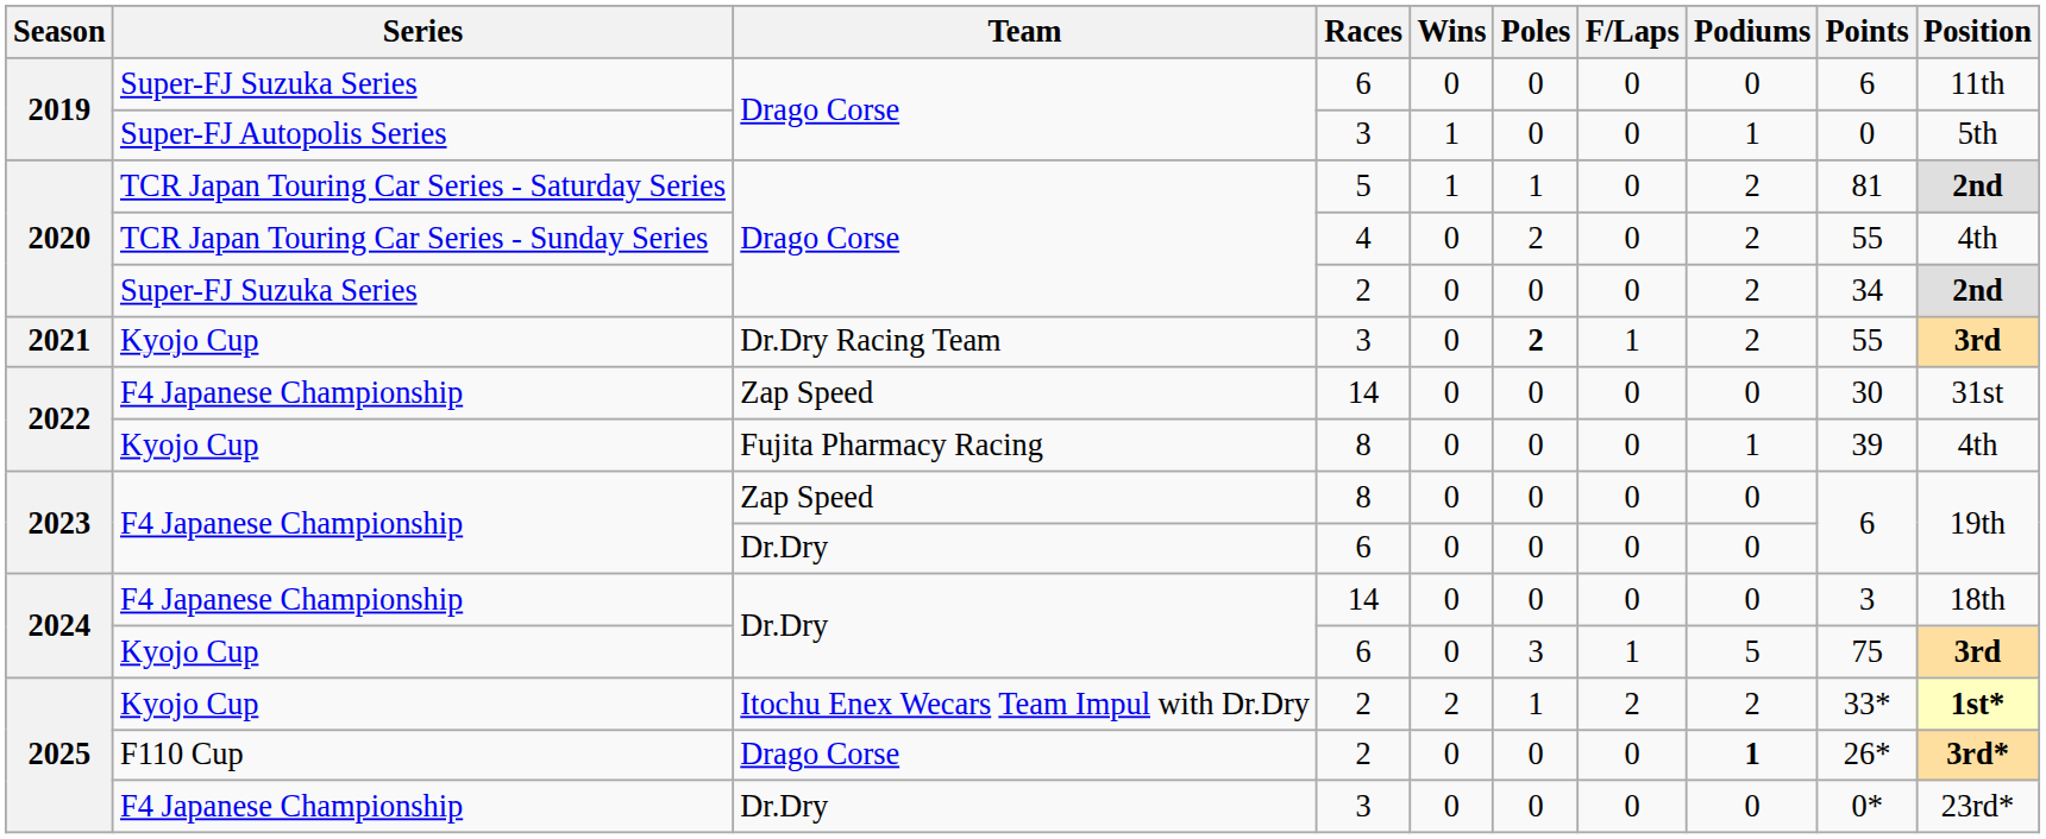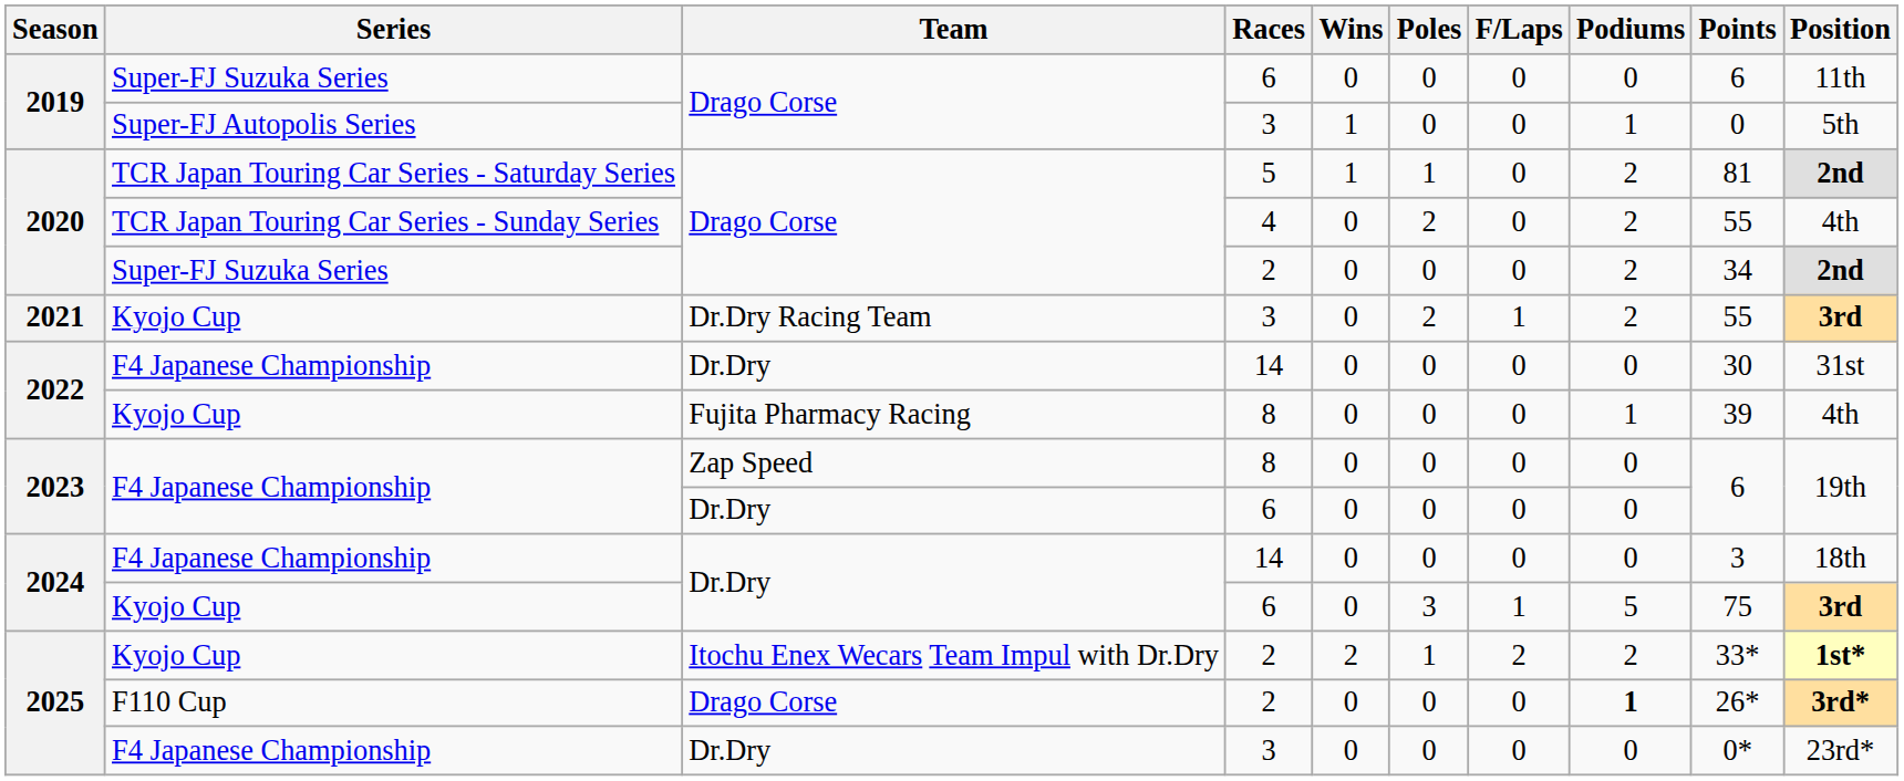 <table class="wikitable" style="font-size: 90%; text-align:center">
 <tr>
 <th>Season</th>
 <th>Series</th>
 <th>Team</th>
 <th>Races</th>
 <th>Wins</th>
 <th>Poles</th>
 <th>F/Laps</th>
 <th>Podiums</th>
 <th>Points</th>
 <th>Position</th>
 </tr>
 <tr>
 <th rowspan="2">2019</th>
 <td align=left><a href='#'>Super-FJ Suzuka Series</a></td>
 <td rowspan="2" align="left"><a href='#'>Drago Corse</a></td>
 <td>6</td>
 <td>0</td>
 <td>0</td>
 <td>0</td>
 <td>0</td>
 <td>6</td>
 <td>11th</td>
 </tr>
 <tr>
 <td align=left><a href='#'>Super-FJ Autopolis Series</a></td>
 <td>3</td>
 <td>1</td>
 <td>0</td>
 <td>0</td>
 <td>1</td>
 <td>0</td>
 <td>5th</td>
 </tr>
 <tr>
 <th rowspan="3">2020</th>
 <td align=left nowrap><a href='#'>TCR Japan Touring Car Series - Saturday Series</a></td>
 <td rowspan="3" align=left><a href='#'>Drago Corse</a></td>
 <td>5</td>
 <td>1</td>
 <td>1</td>
 <td>0</td>
 <td>2</td>
 <td>81</td>
 <td style="background:#DFDFDF"><strong>2nd</strong></td>
 </tr>
 <tr>
 <td align=left><a href='#'>TCR Japan Touring Car Series - Sunday Series</a></td>
 <td>4</td>
 <td>0</td>
 <td>2</td>
 <td>0</td>
 <td>2</td>
 <td>55</td>
 <td>4th</td>
 </tr>
 <tr>
 <td align=left><a href='#'>Super-FJ Suzuka Series</a></td>
 <td>2</td>
 <td>0</td>
 <td>0</td>
 <td>0</td>
 <td>2</td>
 <td>34</td>
 <td style="background:#DFDFDF"><strong>2nd</strong></td>
 </tr>
 <tr>
 <th>2021</th>
 <td align=left><a href='#'>Kyojo Cup</a></td>
 <td align=left>Dr.Dry Racing Team</td>
 <td>3</td>
 <td>0</td>
-<td><strong>2</strong></td>
+<td>2</td>
 <td>1</td>
 <td>2</td>
 <td>55</td>
 <td style="background:#ffdf9f"><strong>3rd</strong></td>
 </tr>
 <tr>
 <th rowspan="2">2022</th>
 <td align=left><a href='#'>F4 Japanese Championship</a></td>
-<td align=left>Zap Speed</td>
+<td align=left>Dr.Dry</td>
 <td>14</td>
 <td>0</td>
 <td>0</td>
 <td>0</td>
 <td>0</td>
 <td>30</td>
 <td>31st</td>
 </tr>
 <tr>
 <td align=left><a href='#'>Kyojo Cup</a></td>
 <td align=left>Fujita Pharmacy Racing</td>
 <td>8</td>
 <td>0</td>
 <td>0</td>
 <td>0</td>
 <td>1</td>
 <td>39</td>
 <td>4th</td>
 </tr>
 <tr>
 <th rowspan="2">2023</th>
 <td rowspan="2" align="left"><a href='#'>F4 Japanese Championship</a></td>
 <td align=left>Zap Speed</td>
 <td>8</td>
 <td>0</td>
 <td>0</td>
 <td>0</td>
 <td>0</td>
 <td rowspan="2">6</td>
 <td rowspan="2">19th</td>
 </tr>
 <tr>
 <td align=left>Dr.Dry</td>
 <td>6</td>
 <td>0</td>
 <td>0</td>
 <td>0</td>
 <td>0</td>
 </tr>
 <tr>
 <th rowspan="2">2024</th>
 <td align=left><a href='#'>F4 Japanese Championship</a></td>
 <td align=left rowspan="2">Dr.Dry</td>
 <td>14</td>
 <td>0</td>
 <td>0</td>
 <td>0</td>
 <td>0</td>
 <td>3</td>
 <td>18th</td>
 </tr>
 <tr>
 <td align=left><a href='#'>Kyojo Cup</a></td>
 <td>6</td>
 <td>0</td>
 <td>3</td>
 <td>1</td>
 <td>5</td>
 <td>75</td>
 <td style="background:#ffdf9f"><strong>3rd</strong></td>
 </tr>
 <tr>
 <th rowspan="3">2025</th>
 <td align=left><a href='#'>Kyojo Cup</a></td>
 <td align=left nowrap><a href='#'>Itochu Enex Wecars</a> <a href='#'>Team Impul</a> with Dr.Dry</td>
 <td>2</td>
 <td>2</td>
 <td>1</td>
 <td>2</td>
 <td>2</td>
 <td>33*</td>
 <td style="background:#ffffbf;"><strong>1st*</strong></td>
 </tr>
 <tr>
 <td align=left>F110 Cup</td>
 <td align=left><a href='#'>Drago Corse</a></td>
 <td>2</td>
 <td>0</td>
 <td>0</td>
 <td>0</td>
 <td><strong>1</strong></td>
 <td>26*</td>
 <td style="background:#ffdf9f"><strong>3rd*</strong></td>
 </tr>
 <tr>
 <td align=left><a href='#'>F4 Japanese Championship</a></td>
 <td align=left>Dr.Dry</td>
 <td>3</td>
 <td>0</td>
 <td>0</td>
 <td>0</td>
 <td>0</td>
 <td>0*</td>
 <td>23rd*</td>
 </tr>
 </table>
